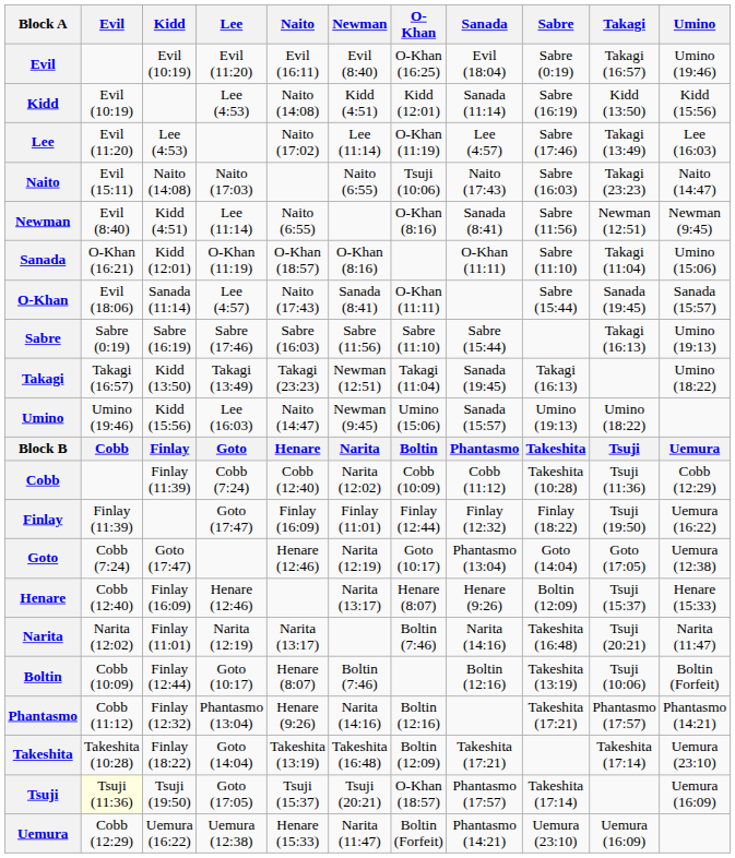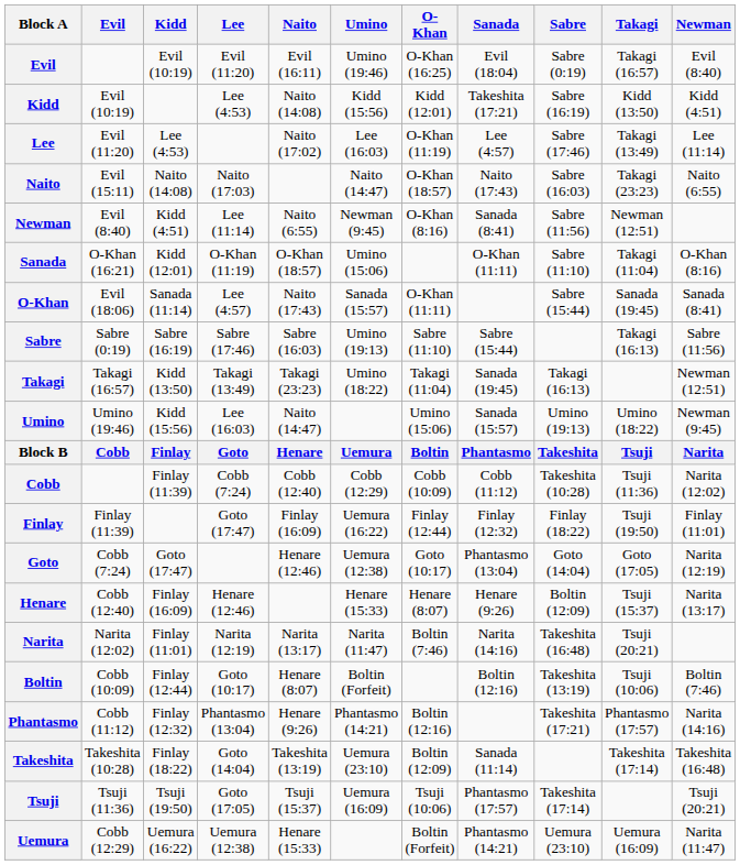 <table class="wikitable" align=center style="margin: 1em auto 1em auto">
 <tr align="center">
 <th>Block A</th>
 <th><a href='#'>Evil</a></th>
 <th><a href='#'>Kidd</a></th>
 <th><a href='#'>Lee</a></th>
 <th><a href='#'>Naito</a></th>
-<th><a href='#'>Newman</a></th>
+<th><a href='#'>Umino</a></th>
 <th><a href='#'>O-Khan</a></th>
 <th><a href='#'>Sanada</a></th>
 <th><a href='#'>Sabre</a></th>
 <th><a href='#'>Takagi</a></th>
-<th><a href='#'>Umino</a></th>
+<th><a href='#'>Newman</a></th>
 </tr>
 <tr align="center">
 <th><a href='#'>Evil</a></th>
 <td></td>
 <td>Evil<br>(10:19)</td>
 <td>Evil <br> (11:20)</td>
 <td>Evil<br>(16:11)</td>
-<td>Evil<br>(8:40)</td>
+<td>Umino <br>(19:46)</td>
 <td>O-Khan <br>(16:25)</td>
 <td>Evil<br>(18:04)</td>
 <td>Sabre <br>(0:19)</td>
 <td>Takagi<br>(16:57)</td>
-<td>Umino <br>(19:46)</td>
+<td>Evil<br>(8:40)</td>
 </tr>
 <tr align="center">
 <th><a href='#'>Kidd</a></th>
 <td>Evil<br>(10:19)</td>
 <td></td>
 <td>Lee<br>(4:53)</td>
 <td>Naito<br>(14:08)</td>
-<td>Kidd <br> (4:51)</td>
+<td>Kidd <br> (15:56)</td>
 <td>Kidd <br> (12:01)</td>
-<td>Sanada <br> (11:14)</td>
+<td>Takeshita<br>(17:21)</td>
 <td>Sabre <br>(16:19)</td>
 <td>Kidd <br> (13:50)</td>
-<td>Kidd <br> (15:56)</td>
+<td>Kidd <br> (4:51)</td>
 </tr>
 <tr align="center">
 <th><a href='#'>Lee</a></th>
 <td>Evil<br>(11:20)</td>
 <td>Lee<br>(4:53)</td>
 <td></td>
 <td>Naito<br>(17:02)</td>
-<td>Lee<br>(11:14)</td>
+<td>Lee<br>(16:03)</td>
 <td>O-Khan <br>(11:19)</td>
 <td>Lee<br>(4:57)</td>
 <td>Sabre <br>(17:46)</td>
 <td>Takagi<br>(13:49)</td>
-<td>Lee<br>(16:03)</td>
+<td>Lee<br>(11:14)</td>
 </tr>
 <tr align="center">
 <th><a href='#'>Naito</a></th>
 <td>Evil<br>(15:11)</td>
 <td>Naito<br>(14:08)</td>
 <td>Naito<br>(17:03)</td>
 <td></td>
-<td>Naito<br>(6:55)</td>
-<td>Tsuji <br> (10:06)</td>
+<td>Naito<br>(14:47)</td>
+<td>O-Khan <br>(18:57)</td>
 <td>Naito<br>(17:43)</td>
 <td>Sabre <br> (16:03)</td>
 <td>Takagi<br>(23:23)</td>
-<td>Naito<br>(14:47)</td>
+<td>Naito<br>(6:55)</td>
 </tr>
 <tr align="center">
 <th><a href='#'>Newman</a></th>
 <td>Evil<br>(8:40)</td>
 <td>Kidd <br> (4:51)</td>
 <td>Lee<br>(11:14)</td>
 <td>Naito<br>(6:55)</td>
-<td></td>
+<td>Newman<br>(9:45)</td>
 <td>O-Khan <br>(8:16)</td>
 <td>Sanada<br>(8:41)</td>
 <td>Sabre <br>(11:56)</td>
 <td>Newman<br>(12:51)</td>
-<td>Newman<br>(9:45)</td>
+<td></td>
 </tr>
 <tr align="center">
 <th><a href='#'>Sanada</a></th>
 <td>O-Khan <br>(16:21)</td>
 <td>Kidd <br>(12:01)</td>
 <td>O-Khan <br>(11:19)</td>
 <td>O-Khan <br>(18:57)</td>
-<td>O-Khan <br>(8:16)</td>
+<td>Umino <br>(15:06)</td>
 <td></td>
 <td>O-Khan <br>(11:11)</td>
 <td>Sabre<br>(11:10)</td>
 <td>Takagi<br>(11:04)</td>
-<td>Umino <br>(15:06)</td>
+<td>O-Khan <br>(8:16)</td>
 </tr>
 <tr align="center">
 <th><a href='#'>O-Khan</a></th>
 <td>Evil<br>(18:06)</td>
 <td>Sanada <br> (11:14)</td>
 <td>Lee<br>(4:57)</td>
 <td>Naito<br>(17:43)</td>
-<td>Sanada <br> (8:41)</td>
+<td>Sanada <br> (15:57)</td>
 <td>O-Khan <br>(11:11)</td>
 <td></td>
 <td>Sabre <br>(15:44)</td>
 <td>Sanada <br> (19:45)</td>
-<td>Sanada <br> (15:57)</td>
+<td>Sanada <br> (8:41)</td>
 </tr>
 <tr align="center">
 <th><a href='#'>Sabre</a></th>
 <td>Sabre <br>(0:19)</td>
 <td>Sabre <br>(16:19)</td>
 <td>Sabre <br>(17:46)</td>
 <td>Sabre <br>(16:03)</td>
-<td>Sabre <br>(11:56)</td>
+<td>Umino <br>(19:13)</td>
 <td>Sabre<br>(11:10)</td>
 <td>Sabre <br>(15:44)</td>
 <td></td>
 <td>Takagi<br>(16:13)</td>
-<td>Umino <br>(19:13)</td>
+<td>Sabre <br>(11:56)</td>
 </tr>
 <tr align="center">
 <th><a href='#'>Takagi</a></th>
 <td>Takagi<br>(16:57)</td>
 <td>Kidd <br> (13:50)</td>
 <td>Takagi<br>(13:49)</td>
 <td>Takagi<br>(23:23)</td>
-<td>Newman<br>(12:51)</td>
+<td>Umino <br>(18:22)</td>
 <td>Takagi<br>(11:04)</td>
 <td>Sanada <br> (19:45)</td>
 <td>Takagi<br>(16:13)</td>
 <td></td>
-<td>Umino <br>(18:22)</td>
+<td>Newman<br>(12:51)</td>
 </tr>
 <tr align="center">
 <th><a href='#'>Umino</a></th>
 <td>Umino <br>(19:46)</td>
 <td>Kidd <br> (15:56)</td>
 <td>Lee<br>(16:03)</td>
 <td>Naito<br>(14:47)</td>
-<td>Newman<br>(9:45)</td>
+<td></td>
 <td>Umino <br>(15:06)</td>
 <td>Sanada <br> (15:57)</td>
 <td>Umino <br>(19:13)</td>
 <td>Umino <br>(18:22)</td>
-<td></td>
+<td>Newman<br>(9:45)</td>
 </tr>
 <tr align="center">
 <th>Block B</th>
 <th><a href='#'>Cobb</a></th>
 <th><a href='#'>Finlay</a></th>
 <th><a href='#'>Goto</a></th>
 <th><a href='#'>Henare</a></th>
-<th><a href='#'>Narita</a></th>
+<th><a href='#'>Uemura</a></th>
 <th><a href='#'>Boltin</a></th>
 <th><a href='#'>Phantasmo</a></th>
 <th><a href='#'>Takeshita</a></th>
 <th><a href='#'>Tsuji</a></th>
-<th><a href='#'>Uemura</a></th>
+<th><a href='#'>Narita</a></th>
 </tr>
 <tr align="center">
 <th><a href='#'>Cobb</a></th>
 <td></td>
 <td>Finlay<br>(11:39)</td>
 <td>Cobb<br>(7:24)</td>
 <td>Cobb<br>(12:40)</td>
-<td>Narita<br>(12:02)</td>
+<td>Cobb<br>(12:29)</td>
 <td>Cobb<br>(10:09)</td>
 <td>Cobb<br>(11:12)</td>
 <td>Takeshita<br>(10:28)</td>
 <td>Tsuji <br> (11:36)</td>
-<td>Cobb<br>(12:29)</td>
+<td>Narita<br>(12:02)</td>
 </tr>
 <tr align="center">
 <th><a href='#'>Finlay</a></th>
 <td>Finlay<br>(11:39)</td>
 <td></td>
 <td>Goto <br>(17:47)</td>
 <td>Finlay<br>(16:09)</td>
-<td>Finlay<br>(11:01)</td>
+<td>Uemura<br>(16:22)</td>
 <td>Finlay<br>(12:44)</td>
 <td>Finlay<br>(12:32)</td>
 <td>Finlay<br>(18:22)</td>
 <td>Tsuji <br>(19:50)</td>
-<td>Uemura<br>(16:22)</td>
+<td>Finlay<br>(11:01)</td>
 </tr>
 <tr align="center">
 <th><a href='#'>Goto</a></th>
 <td>Cobb<br>(7:24)</td>
 <td>Goto <br>(17:47)</td>
 <td></td>
 <td>Henare<br>(12:46)</td>
-<td>Narita<br>(12:19)</td>
+<td>Uemura <br>(12:38)</td>
 <td>Goto <br>(10:17)</td>
 <td>Phantasmo<br>(13:04)</td>
 <td>Goto <br>(14:04)</td>
 <td>Goto <br>(17:05)</td>
-<td>Uemura <br>(12:38)</td>
+<td>Narita<br>(12:19)</td>
 </tr>
 <tr align="center">
 <th><a href='#'>Henare</a></th>
 <td>Cobb<br>(12:40)</td>
 <td>Finlay<br>(16:09)</td>
 <td>Henare<br>(12:46)</td>
 <td></td>
-<td>Narita<br>(13:17)</td>
+<td>Henare <br>(15:33)</td>
 <td>Henare <br>(8:07)</td>
 <td>Henare<br>(9:26)</td>
 <td>Boltin<br>(12:09)</td>
 <td>Tsuji <br> (15:37)</td>
-<td>Henare <br>(15:33)</td>
+<td>Narita<br>(13:17)</td>
 </tr>
 <tr align="center">
 <th><a href='#'>Narita</a></th>
 <td>Narita<br>(12:02)</td>
 <td>Finlay<br>(11:01)</td>
 <td>Narita<br>(12:19)</td>
 <td>Narita<br>(13:17)</td>
-<td></td>
+<td>Narita<br>(11:47)</td>
 <td>Boltin<br>(7:46)</td>
 <td>Narita<br>(14:16)</td>
 <td>Takeshita<br>(16:48)</td>
 <td>Tsuji <br> (20:21)</td>
-<td>Narita<br>(11:47)</td>
+<td></td>
 </tr>
 <tr align="center">
 <th><a href='#'>Boltin</a></th>
 <td>Cobb<br>(10:09)</td>
 <td>Finlay<br>(12:44)</td>
 <td>Goto <br>(10:17)</td>
 <td>Henare <br>(8:07)</td>
-<td>Boltin<br>(7:46)</td>
+<td>Boltin<br>(Forfeit)</td>
 <td></td>
 <td>Boltin<br>(12:16)</td>
 <td>Takeshita<br>(13:19)</td>
 <td>Tsuji <br> (10:06)</td>
-<td>Boltin<br>(Forfeit)</td>
+<td>Boltin<br>(7:46)</td>
 </tr>
 <tr align="center">
 <th><a href='#'>Phantasmo</a></th>
 <td>Cobb<br>(11:12)</td>
 <td>Finlay<br>(12:32)</td>
 <td>Phantasmo<br>(13:04)</td>
 <td>Henare<br>(9:26)</td>
-<td>Narita<br>(14:16)</td>
+<td>Phantasmo<br>(14:21)</td>
 <td>Boltin<br>(12:16)</td>
 <td></td>
 <td>Takeshita<br>(17:21)</td>
 <td>Phantasmo<br>(17:57)</td>
-<td>Phantasmo<br>(14:21)</td>
+<td>Narita<br>(14:16)</td>
 </tr>
 <tr align="center">
 <th><a href='#'>Takeshita</a></th>
 <td>Takeshita<br>(10:28)</td>
 <td>Finlay<br>(18:22)</td>
 <td>Goto <br>(14:04)</td>
 <td>Takeshita<br>(13:19)</td>
-<td>Takeshita<br>(16:48)</td>
+<td>Uemura<br>(23:10)</td>
 <td>Boltin<br>(12:09)</td>
-<td>Takeshita<br>(17:21)</td>
+<td>Sanada <br> (11:14)</td>
 <td></td>
 <td>Takeshita<br>(17:14)</td>
-<td>Uemura<br>(23:10)</td>
+<td>Takeshita<br>(16:48)</td>
 </tr>
 <tr align="center">
 <th><a href='#'>Tsuji</a></th>
-<td style="background: lightyellow;">Tsuji <br> (11:36)</td>
+<td>Tsuji <br> (11:36)</td>
 <td>Tsuji <br> (19:50)</td>
 <td>Goto <br>(17:05)</td>
 <td>Tsuji <br> (15:37)</td>
-<td>Tsuji <br> (20:21)</td>
-<td>O-Khan <br>(18:57)</td>
+<td>Uemura<br>(16:09)</td>
+<td>Tsuji <br> (10:06)</td>
 <td>Phantasmo<br>(17:57)</td>
 <td>Takeshita<br>(17:14)</td>
 <td></td>
-<td>Uemura<br>(16:09)</td>
+<td>Tsuji <br> (20:21)</td>
 </tr>
 <tr align="center">
 <th><a href='#'>Uemura</a></th>
 <td>Cobb<br>(12:29)</td>
 <td>Uemura<br>(16:22)</td>
 <td>Uemura <br> (12:38)</td>
 <td>Henare <br>(15:33)</td>
-<td>Narita<br>(11:47)</td>
+<td></td>
 <td>Boltin<br>(Forfeit)</td>
 <td>Phantasmo<br>(14:21)</td>
 <td>Uemura<br>(23:10)</td>
 <td>Uemura<br>(16:09)</td>
-<td></td>
+<td>Narita<br>(11:47)</td>
 </tr>
 </table>
